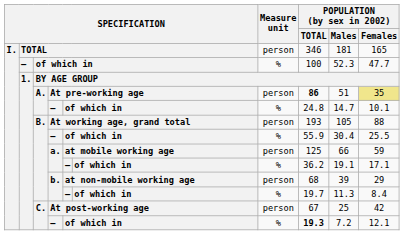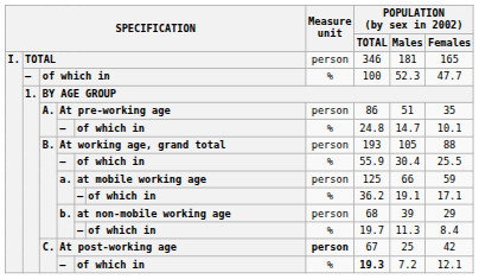 <table class="wikitable" style="font-size:85%; text-align:center">
 <tr>
 <th rowspan="2" colspan="6">SPECIFICATION</th>
 <th rowspan="2">Measure<br> unit</th>
 <th colspan="3" rowspan="1">POPULATION<br> (by sex in 2002)</th>
 </tr>
 <tr>
 <th>TOTAL</th>
 <th>Males</th>
 <th>Females</th>
 </tr>
 <tr>
 <th style="text-align:left" valign="top" rowspan="13">I.</th>
 <th style="text-align:left" colspan="5">TOTAL</th>
 <td>person</td>
 <td>346</td>
 <td>181</td>
 <td>165</td>
 </tr>
 <tr>
 <th style="text-align:left" valign="top">–</th>
 <th style="text-align:left" colspan="4">of which in</th>
 <td>%</td>
 <td>100</td>
 <td>52.3</td>
 <td>47.7</td>
 </tr>
 <tr>
 <th style="text-align:left" valign="top" rowspan="11">1.</th>
 <th style="text-align:left" colspan="19">BY AGE GROUP</th>
 </tr>
 <tr>
 <th style="text-align:left" valign="top" rowspan="2">A.</th>
 <th style="text-align:left" colspan="3">At pre-working age</th>
 <td>person</td>
-<td><strong>86</strong></td>
+<td>86</td>
 <td>51</td>
-<td style="background: khaki;">35</td>
+<td>35</td>
 </tr>
 <tr>
 <th style="text-align:left" valign="top">–</th>
 <th style="text-align:left" valign="top" colspan="2">of which in</th>
 <td>%</td>
 <td>24.8</td>
 <td>14.7</td>
 <td>10.1</td>
 </tr>
 <tr>
 <th style="text-align:left" valign="top" rowspan="6">B.</th>
 <th style="text-align:left" colspan="3">At working age, grand total</th>
 <td>person</td>
 <td>193</td>
 <td>105</td>
 <td>88</td>
 </tr>
 <tr>
 <th style="text-align:left" valign="top">–</th>
 <th style="text-align:left" valign="top" colspan="2">of which in</th>
 <td>%</td>
 <td>55.9</td>
 <td>30.4</td>
 <td>25.5</td>
 </tr>
 <tr>
 <th style="text-align:left" valign="top" rowspan="2">a.</th>
 <th style="text-align:left" colspan="2">at mobile working age</th>
 <td>person</td>
 <td>125</td>
 <td>66</td>
 <td>59</td>
 </tr>
 <tr>
 <th style="text-align:left" valign="top">–</th>
 <th style="text-align:left" valign="top" colspan="1">of which in                        </th>
 <td>%</td>
 <td>36.2</td>
 <td>19.1</td>
 <td>17.1</td>
 </tr>
 <tr>
 <th style="text-align:left" valign="top" rowspan="2">b.</th>
 <th style="text-align:left" colspan="2">at non-mobile working age</th>
 <td>person</td>
 <td>68</td>
 <td>39</td>
 <td>29</td>
 </tr>
 <tr>
 <th style="text-align:left" valign="top">–</th>
 <th style="text-align:left" valign="top" colspan="1">of which in                        </th>
 <td>%</td>
 <td>19.7</td>
 <td>11.3</td>
 <td>8.4</td>
 </tr>
 <tr>
 <th style="text-align:left" valign="top" rowspan="2">C.</th>
 <th style="text-align:left" colspan="3">At post-working age</th>
-<td>person</td>
+<td><strong>person</strong></td>
 <td>67</td>
 <td>25</td>
 <td>42</td>
 </tr>
 <tr>
 <th style="text-align:left" valign="top">–</th>
 <th style="text-align:left" valign="top" colspan="2">of which in</th>
 <td>%</td>
 <td><strong>19.3</strong></td>
 <td>7.2</td>
 <td>12.1</td>
 </tr>
 </table>
